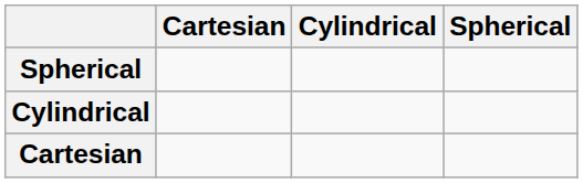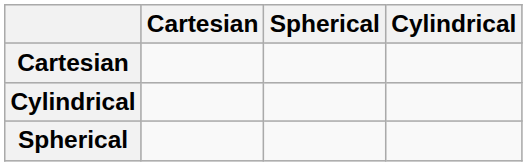 <table class="wikitable">
 <tr>
 <th></th>
 <th>Cartesian</th>
+<th>Spherical</th>
 <th>Cylindrical</th>
-<th>Spherical</th>
 </tr>
 <tr>
-<th>Spherical</th>
+<th>Cartesian</th>
 <td></td>
 <td></td>
 <td></td>
 </tr>
 <tr>
 <th>Cylindrical</th>
 <td></td>
 <td></td>
 <td></td>
 </tr>
 <tr>
-<th>Cartesian</th>
+<th>Spherical</th>
 <td></td>
 <td></td>
 <td></td>
 </tr>
 </table>
